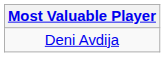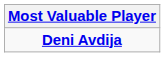 <table class=wikitable style="text-align:center">
 <tr>
 <th><a href='#'>Most Valuable Player</a></th>
 </tr>
 <tr>
-<td> <a href='#'>Deni Avdija</a></td>
+<td><strong> <a href='#'>Deni Avdija</a></strong></td>
 </tr>
 </table>
